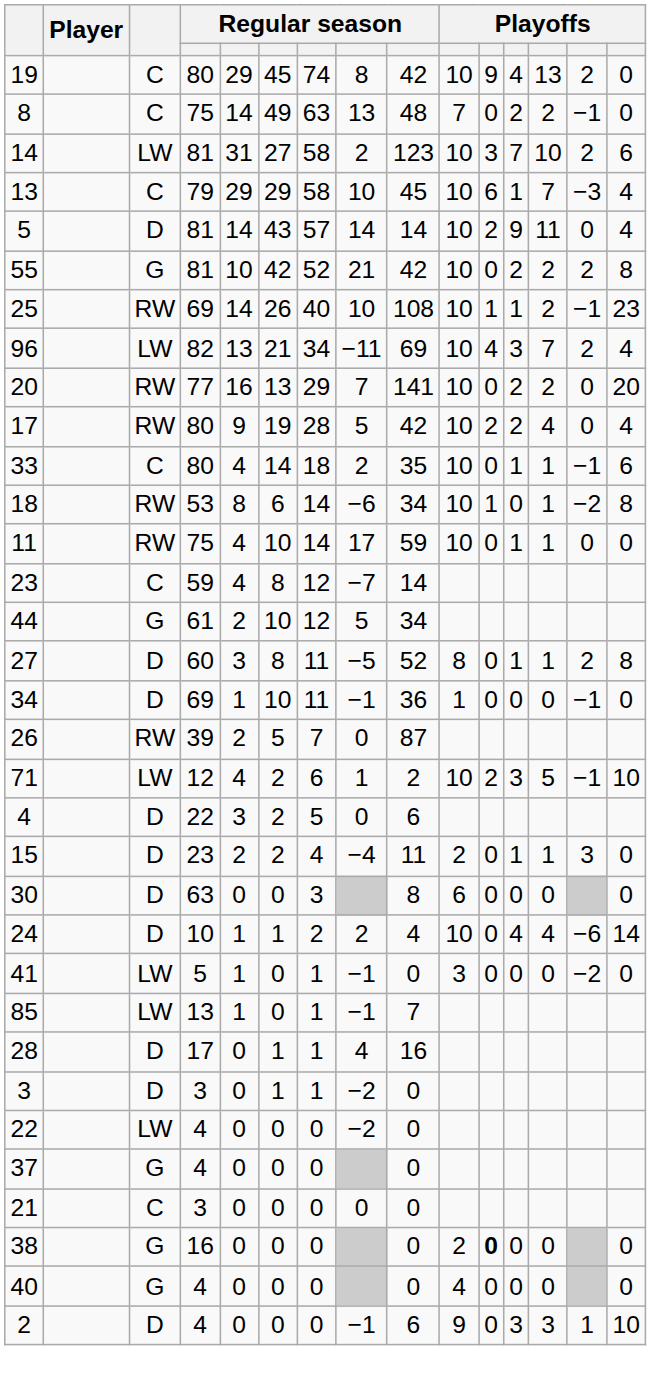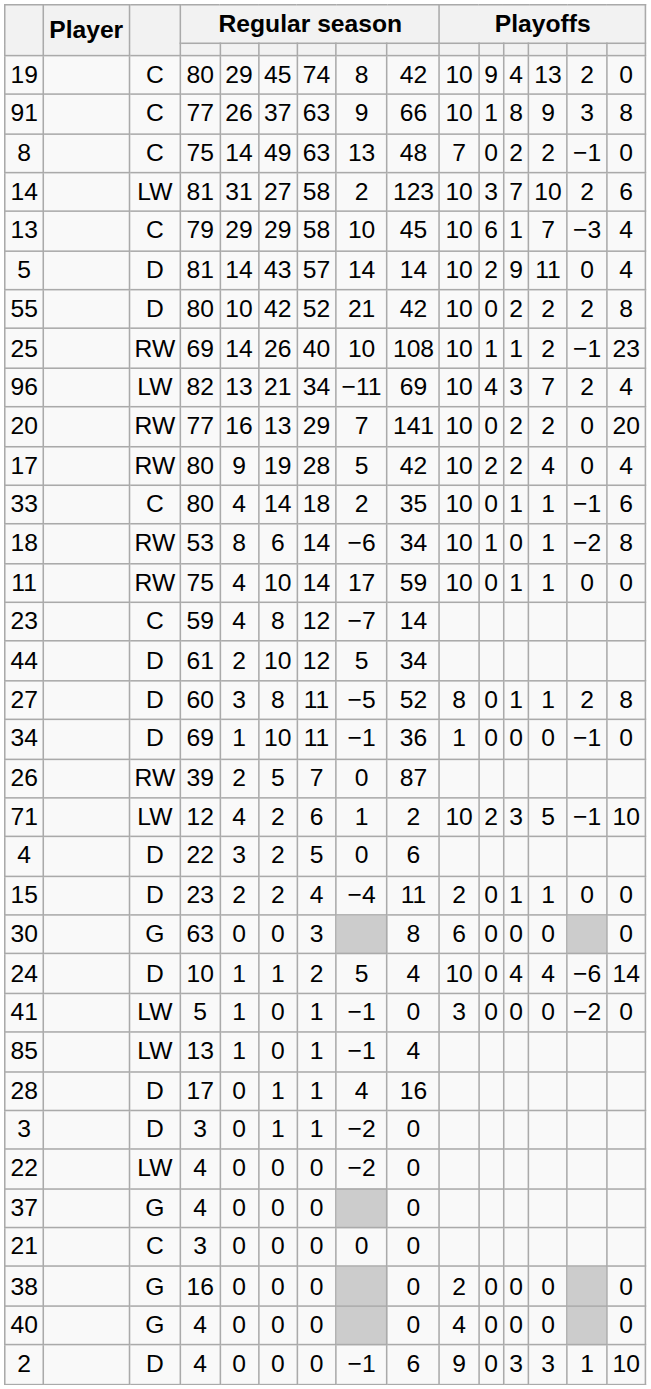 <table class="wikitable sortable plainrowheaders" style="text-align:center;">
 <tr>
 <th scope="col" data-sort-type="number" rowspan="2"></th>
 <th scope="col" rowspan="2">Player</th>
 <th scope="col" rowspan="2"></th>
 <th scope=colgroup colspan=6>Regular season</th>
 <th scope=colgroup colspan=6>Playoffs</th>
 </tr>
 <tr>
 <th scope="col" data-sort-type="number"></th>
 <th scope="col" data-sort-type="number"></th>
 <th scope="col" data-sort-type="number"></th>
 <th scope="col" data-sort-type="number"></th>
 <th scope="col" data-sort-type="number"></th>
 <th scope="col" data-sort-type="number"></th>
 <th scope="col" data-sort-type="number"></th>
 <th scope="col" data-sort-type="number"></th>
 <th scope="col" data-sort-type="number"></th>
 <th scope="col" data-sort-type="number"></th>
 <th scope="col" data-sort-type="number"></th>
 <th scope="col" data-sort-type="number"></th>
 </tr>
 <tr>
 <td scope="row">19</td>
 <td align="left"></td>
 <td>C</td>
 <td>80</td>
 <td>29</td>
 <td>45</td>
 <td>74</td>
 <td>8</td>
 <td>42</td>
 <td>10</td>
 <td>9</td>
 <td>4</td>
 <td>13</td>
 <td>2</td>
 <td>0</td>
+</tr>
+<tr>
+<td scope="row">91</td>
+<td align="left"></td>
+<td>C</td>
+<td>77</td>
+<td>26</td>
+<td>37</td>
+<td>63</td>
+<td>9</td>
+<td>66</td>
+<td>10</td>
+<td>1</td>
+<td>8</td>
+<td>9</td>
+<td>3</td>
+<td>8</td>
 </tr>
 <tr>
 <td scope="row">8</td>
 <td align="left"></td>
 <td>C</td>
 <td>75</td>
 <td>14</td>
 <td>49</td>
 <td>63</td>
 <td>13</td>
 <td>48</td>
 <td>7</td>
 <td>0</td>
 <td>2</td>
 <td>2</td>
 <td>−1</td>
 <td>0</td>
 </tr>
 <tr>
 <td scope="row">14</td>
 <td align="left"></td>
 <td>LW</td>
 <td>81</td>
 <td>31</td>
 <td>27</td>
 <td>58</td>
 <td>2</td>
 <td>123</td>
 <td>10</td>
 <td>3</td>
 <td>7</td>
 <td>10</td>
 <td>2</td>
 <td>6</td>
 </tr>
 <tr>
 <td scope="row">13</td>
 <td align="left"></td>
 <td>C</td>
 <td>79</td>
 <td>29</td>
 <td>29</td>
 <td>58</td>
 <td>10</td>
 <td>45</td>
 <td>10</td>
 <td>6</td>
 <td>1</td>
 <td>7</td>
 <td>−3</td>
 <td>4</td>
 </tr>
 <tr>
 <td scope="row">5</td>
 <td align="left"></td>
 <td>D</td>
 <td>81</td>
 <td>14</td>
 <td>43</td>
 <td>57</td>
 <td>14</td>
 <td>14</td>
 <td>10</td>
 <td>2</td>
 <td>9</td>
 <td>11</td>
 <td>0</td>
 <td>4</td>
 </tr>
 <tr>
 <td scope="row">55</td>
 <td align="left"></td>
-<td>G</td>
-<td>81</td>
+<td>D</td>
+<td>80</td>
 <td>10</td>
 <td>42</td>
 <td>52</td>
 <td>21</td>
 <td>42</td>
 <td>10</td>
 <td>0</td>
 <td>2</td>
 <td>2</td>
 <td>2</td>
 <td>8</td>
 </tr>
 <tr>
 <td scope="row">25</td>
 <td align="left"></td>
 <td>RW</td>
 <td>69</td>
 <td>14</td>
 <td>26</td>
 <td>40</td>
 <td>10</td>
 <td>108</td>
 <td>10</td>
 <td>1</td>
 <td>1</td>
 <td>2</td>
 <td>−1</td>
 <td>23</td>
 </tr>
 <tr>
 <td scope="row">96</td>
 <td align="left"></td>
 <td>LW</td>
 <td>82</td>
 <td>13</td>
 <td>21</td>
 <td>34</td>
 <td>−11</td>
 <td>69</td>
 <td>10</td>
 <td>4</td>
 <td>3</td>
 <td>7</td>
 <td>2</td>
 <td>4</td>
 </tr>
 <tr>
 <td scope="row">20</td>
 <td align="left"></td>
 <td>RW</td>
 <td>77</td>
 <td>16</td>
 <td>13</td>
 <td>29</td>
 <td>7</td>
 <td>141</td>
 <td>10</td>
 <td>0</td>
 <td>2</td>
 <td>2</td>
 <td>0</td>
 <td>20</td>
 </tr>
 <tr>
 <td scope="row">17</td>
 <td align="left"></td>
 <td>RW</td>
 <td>80</td>
 <td>9</td>
 <td>19</td>
 <td>28</td>
 <td>5</td>
 <td>42</td>
 <td>10</td>
 <td>2</td>
 <td>2</td>
 <td>4</td>
 <td>0</td>
 <td>4</td>
 </tr>
 <tr>
 <td scope="row">33</td>
 <td align="left"></td>
 <td>C</td>
 <td>80</td>
 <td>4</td>
 <td>14</td>
 <td>18</td>
 <td>2</td>
 <td>35</td>
 <td>10</td>
 <td>0</td>
 <td>1</td>
 <td>1</td>
 <td>−1</td>
 <td>6</td>
 </tr>
 <tr>
 <td scope="row">18</td>
 <td align="left"></td>
 <td>RW</td>
 <td>53</td>
 <td>8</td>
 <td>6</td>
 <td>14</td>
 <td>−6</td>
 <td>34</td>
 <td>10</td>
 <td>1</td>
 <td>0</td>
 <td>1</td>
 <td>−2</td>
 <td>8</td>
 </tr>
 <tr>
 <td scope="row">11</td>
 <td align="left"></td>
 <td>RW</td>
 <td>75</td>
 <td>4</td>
 <td>10</td>
 <td>14</td>
 <td>17</td>
 <td>59</td>
 <td>10</td>
 <td>0</td>
 <td>1</td>
 <td>1</td>
 <td>0</td>
 <td>0</td>
 </tr>
 <tr>
 <td scope="row">23</td>
 <td align="left"></td>
 <td>C</td>
 <td>59</td>
 <td>4</td>
 <td>8</td>
 <td>12</td>
 <td>−7</td>
 <td>14</td>
 <td></td>
 <td></td>
 <td></td>
 <td></td>
 <td></td>
 <td></td>
 </tr>
 <tr>
 <td scope="row">44</td>
 <td align="left"></td>
-<td>G</td>
+<td>D</td>
 <td>61</td>
 <td>2</td>
 <td>10</td>
 <td>12</td>
 <td>5</td>
 <td>34</td>
 <td></td>
 <td></td>
 <td></td>
 <td></td>
 <td></td>
 <td></td>
 </tr>
 <tr>
 <td scope="row">27</td>
 <td align="left"></td>
 <td>D</td>
 <td>60</td>
 <td>3</td>
 <td>8</td>
 <td>11</td>
 <td>−5</td>
 <td>52</td>
 <td>8</td>
 <td>0</td>
 <td>1</td>
 <td>1</td>
 <td>2</td>
 <td>8</td>
 </tr>
 <tr>
 <td scope="row">34</td>
 <td align="left"></td>
 <td>D</td>
 <td>69</td>
 <td>1</td>
 <td>10</td>
 <td>11</td>
 <td>−1</td>
 <td>36</td>
 <td>1</td>
 <td>0</td>
 <td>0</td>
 <td>0</td>
 <td>−1</td>
 <td>0</td>
 </tr>
 <tr>
 <td scope="row">26</td>
 <td align="left"></td>
 <td>RW</td>
 <td>39</td>
 <td>2</td>
 <td>5</td>
 <td>7</td>
 <td>0</td>
 <td>87</td>
 <td></td>
 <td></td>
 <td></td>
 <td></td>
 <td></td>
 <td></td>
 </tr>
 <tr>
 <td scope="row">71</td>
 <td align="left"></td>
 <td>LW</td>
 <td>12</td>
 <td>4</td>
 <td>2</td>
 <td>6</td>
 <td>1</td>
 <td>2</td>
 <td>10</td>
 <td>2</td>
 <td>3</td>
 <td>5</td>
 <td>−1</td>
 <td>10</td>
 </tr>
 <tr>
 <td scope="row">4</td>
 <td align="left"></td>
 <td>D</td>
 <td>22</td>
 <td>3</td>
 <td>2</td>
 <td>5</td>
 <td>0</td>
 <td>6</td>
 <td></td>
 <td></td>
 <td></td>
 <td></td>
 <td></td>
 <td></td>
 </tr>
 <tr>
 <td scope="row">15</td>
 <td align="left"></td>
 <td>D</td>
 <td>23</td>
 <td>2</td>
 <td>2</td>
 <td>4</td>
 <td>−4</td>
 <td>11</td>
 <td>2</td>
 <td>0</td>
 <td>1</td>
 <td>1</td>
-<td>3</td>
+<td>0</td>
 <td>0</td>
 </tr>
 <tr>
 <td scope="row">30</td>
 <td align="left"></td>
-<td>D</td>
+<td>G</td>
 <td>63</td>
 <td>0</td>
 <td>0</td>
 <td>3</td>
 <td style="background:#ccc"></td>
 <td>8</td>
 <td>6</td>
 <td>0</td>
 <td>0</td>
 <td>0</td>
 <td style="background:#ccc"></td>
 <td>0</td>
 </tr>
 <tr>
 <td scope="row">24</td>
 <td align="left"></td>
 <td>D</td>
 <td>10</td>
 <td>1</td>
 <td>1</td>
 <td>2</td>
-<td>2</td>
+<td>5</td>
 <td>4</td>
 <td>10</td>
 <td>0</td>
 <td>4</td>
 <td>4</td>
 <td>−6</td>
 <td>14</td>
 </tr>
 <tr>
 <td scope="row">41</td>
 <td align="left"></td>
 <td>LW</td>
 <td>5</td>
 <td>1</td>
 <td>0</td>
 <td>1</td>
 <td>−1</td>
 <td>0</td>
 <td>3</td>
 <td>0</td>
 <td>0</td>
 <td>0</td>
 <td>−2</td>
 <td>0</td>
 </tr>
 <tr>
 <td scope="row">85</td>
 <td align="left"></td>
 <td>LW</td>
 <td>13</td>
 <td>1</td>
 <td>0</td>
 <td>1</td>
 <td>−1</td>
-<td>7</td>
+<td>4</td>
 <td></td>
 <td></td>
 <td></td>
 <td></td>
 <td></td>
 <td></td>
 </tr>
 <tr>
 <td scope="row">28</td>
 <td align="left"></td>
 <td>D</td>
 <td>17</td>
 <td>0</td>
 <td>1</td>
 <td>1</td>
 <td>4</td>
 <td>16</td>
 <td></td>
 <td></td>
 <td></td>
 <td></td>
 <td></td>
 <td></td>
 </tr>
 <tr>
 <td scope="row">3</td>
 <td align="left"></td>
 <td>D</td>
 <td>3</td>
 <td>0</td>
 <td>1</td>
 <td>1</td>
 <td>−2</td>
 <td>0</td>
 <td></td>
 <td></td>
 <td></td>
 <td></td>
 <td></td>
 <td></td>
 </tr>
 <tr>
 <td scope="row">22</td>
 <td align="left"></td>
 <td>LW</td>
 <td>4</td>
 <td>0</td>
 <td>0</td>
 <td>0</td>
 <td>−2</td>
 <td>0</td>
 <td></td>
 <td></td>
 <td></td>
 <td></td>
 <td></td>
 <td></td>
 </tr>
 <tr>
 <td scope="row">37</td>
 <td align="left"></td>
 <td>G</td>
 <td>4</td>
 <td>0</td>
 <td>0</td>
 <td>0</td>
 <td style="background:#ccc"></td>
 <td>0</td>
 <td></td>
 <td></td>
 <td></td>
 <td></td>
 <td></td>
 <td></td>
 </tr>
 <tr>
 <td scope="row">21</td>
 <td align="left"></td>
 <td>C</td>
 <td>3</td>
 <td>0</td>
 <td>0</td>
 <td>0</td>
 <td>0</td>
 <td>0</td>
 <td></td>
 <td></td>
 <td></td>
 <td></td>
 <td></td>
 <td></td>
 </tr>
 <tr>
 <td scope="row">38</td>
 <td align="left"></td>
 <td>G</td>
 <td>16</td>
 <td>0</td>
 <td>0</td>
 <td>0</td>
 <td style="background:#ccc"></td>
 <td>0</td>
 <td>2</td>
-<td><strong>0</strong></td>
+<td>0</td>
 <td>0</td>
 <td>0</td>
 <td style="background:#ccc"></td>
 <td>0</td>
 </tr>
 <tr>
 <td scope="row">40</td>
 <td align="left"></td>
 <td>G</td>
 <td>4</td>
 <td>0</td>
 <td>0</td>
 <td>0</td>
 <td style="background:#ccc"></td>
 <td>0</td>
 <td>4</td>
 <td>0</td>
 <td>0</td>
 <td>0</td>
 <td style="background:#ccc"></td>
 <td>0</td>
 </tr>
 <tr>
 <td scope="row">2</td>
 <td align="left"></td>
 <td>D</td>
 <td>4</td>
 <td>0</td>
 <td>0</td>
 <td>0</td>
 <td>−1</td>
 <td>6</td>
 <td>9</td>
 <td>0</td>
 <td>3</td>
 <td>3</td>
 <td>1</td>
 <td>10</td>
 </tr>
 </table>
